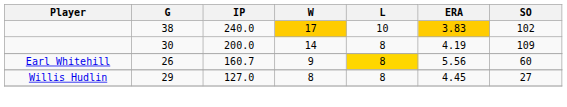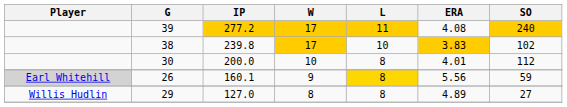 <table class="wikitable sortable">
 <tr>
 <th bgcolor="#DDDDFF" width="16%">Player</th>
 <th bgcolor="#DDDDFF" width="9%">G</th>
 <th bgcolor="#DDDDFF" width="9%">IP</th>
 <th bgcolor="#DDDDFF" width="9%">W</th>
 <th bgcolor="#DDDDFF" width="9%">L</th>
 <th bgcolor="#DDDDFF" width="9%">ERA</th>
 <th bgcolor="#DDDDFF" width="9%">SO</th>
 </tr>
 <tr align="center">
 <td></td>
+<td>39</td>
+<td style="background:#fc0;">277.2</td>
+<td style="background:#fc0;">17</td>
+<td style="background:#fc0;">11</td>
+<td>4.08</td>
+<td style="background:#fc0;">240</td>
+</tr>
+<tr align="center">
+<td></td>
 <td>38</td>
-<td>240.0</td>
+<td>239.8</td>
 <td style="background:#fc0;">17</td>
 <td>10</td>
 <td style="background:#fc0;">3.83</td>
 <td>102</td>
 </tr>
 <tr align="center">
 <td></td>
 <td>30</td>
 <td>200.0</td>
-<td>14</td>
+<td>10</td>
 <td>8</td>
-<td>4.19</td>
-<td>109</td>
+<td>4.01</td>
+<td>112</td>
 </tr>
 <tr>
 </tr>
 <tr align="center">
-<td><a href='#'>Earl Whitehill</a></td>
+<td style="background: lightgrey;"><a href='#'>Earl Whitehill</a></td>
 <td>26</td>
-<td>160.7</td>
+<td>160.1</td>
 <td>9</td>
 <td style="background: gold;">8</td>
 <td>5.56</td>
-<td>60</td>
+<td>59</td>
 </tr>
 <tr>
 </tr>
 <tr align="center">
 <td><a href='#'>Willis Hudlin</a></td>
 <td>29</td>
 <td>127.0</td>
 <td>8</td>
 <td>8</td>
-<td>4.45</td>
+<td>4.89</td>
 <td>27</td>
 </tr>
 <tr align="center">
 </tr>
 </table>
